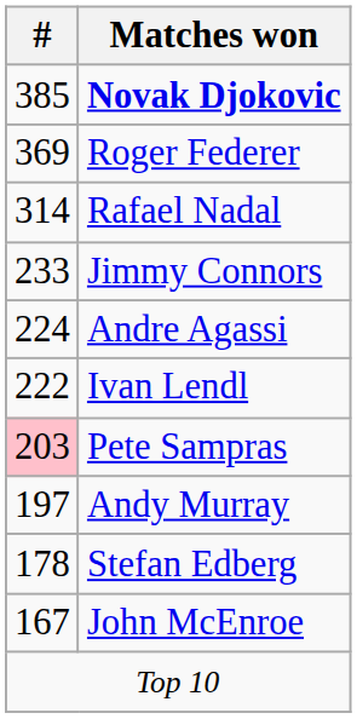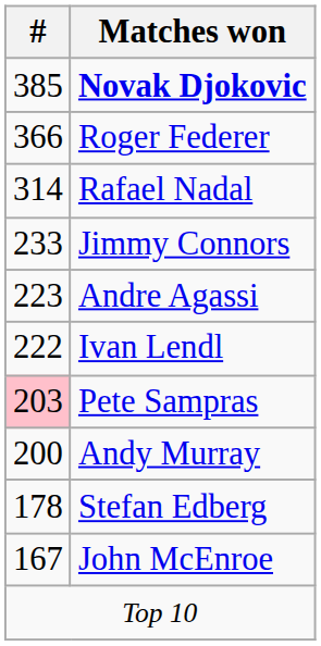 <table class="wikitable" style="display:inline-table;">
 <tr>
 <th>#</th>
 <th>Matches won</th>
 </tr>
 <tr>
 <td>385</td>
 <td> <strong><a href='#'>Novak Djokovic</a></strong></td>
 </tr>
 <tr>
-<td>369</td>
+<td>366</td>
 <td> <a href='#'>Roger Federer</a></td>
 </tr>
 <tr>
 <td>314</td>
 <td> <a href='#'>Rafael Nadal</a></td>
 </tr>
 <tr>
 <td>233</td>
 <td> <a href='#'>Jimmy Connors</a></td>
 </tr>
 <tr>
-<td>224</td>
+<td>223</td>
 <td> <a href='#'>Andre Agassi</a></td>
 </tr>
 <tr>
 <td>222</td>
 <td> <a href='#'>Ivan Lendl</a></td>
 </tr>
 <tr>
 <td style="background: pink;">203</td>
 <td> <a href='#'>Pete Sampras</a></td>
 </tr>
 <tr>
-<td>197</td>
+<td>200</td>
 <td> <a href='#'>Andy Murray</a></td>
 </tr>
 <tr>
 <td>178</td>
 <td> <a href='#'>Stefan Edberg</a></td>
 </tr>
 <tr>
 <td>167</td>
 <td> <a href='#'>John McEnroe</a></td>
 </tr>
 <tr>
 <td colspan="4" style="text-align: center;"><small><em>Top 10</em></small><br></td>
 </tr>
 </table>
